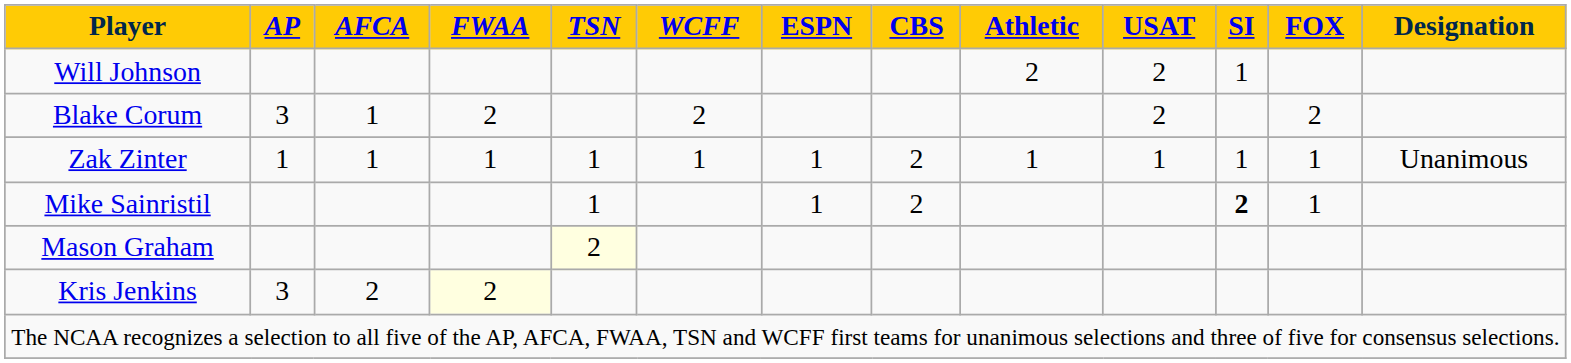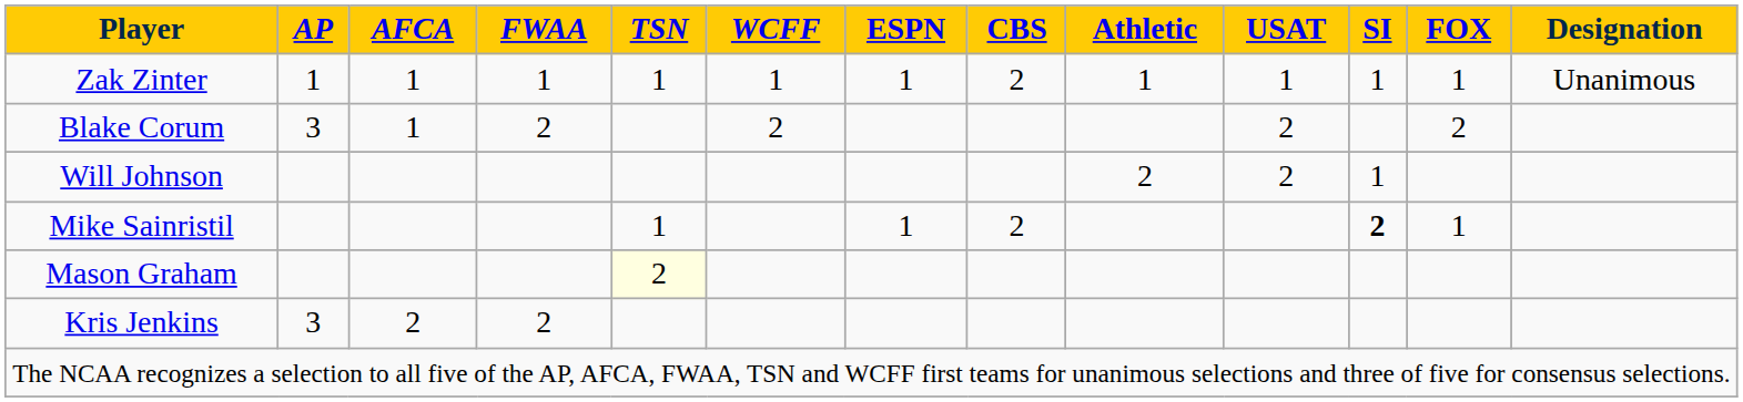 <table class="wikitable" style="text-align: center">
 <tr>
 <th style="background: #FFCB05; color: #00274C"><span>Player</span></th>
 <th style="background: #FFCB05; color: #00274C"><a href='#'><span><em>AP</em></span></a></th>
 <th style="background: #FFCB05; color: #00274C"><a href='#'><span><em>AFCA</em></span></a></th>
 <th style="background: #FFCB05; color: #00274C"><a href='#'><span><em>FWAA</em></span></a></th>
 <th style="background: #FFCB05; color: #00274C"><a href='#'><span><em>TSN</em></span></a></th>
 <th style="background: #FFCB05; color: #00274C"><a href='#'><span><em>WCFF</em></span></a></th>
 <th style="background: #FFCB05; color: #00274C"><a href='#'><span>ESPN</span></a></th>
 <th style="background: #FFCB05; color: #00274C"><a href='#'><span>CBS</span></a></th>
 <th style="background: #FFCB05; color: #00274C"><a href='#'><span>Athletic</span></a></th>
 <th style="background: #FFCB05; color: #00274C"><a href='#'><span>USAT</span></a></th>
 <th style="background: #FFCB05; color: #00274C"><a href='#'><span>SI</span></a></th>
 <th style="background: #FFCB05; color: #00274C"><a href='#'><span>FOX</span></a></th>
 <th style="background: #FFCB05; color: #00274C"><span>Designation</span></th>
 </tr>
 <tr align="center">
-<td><a href='#'>Will Johnson</a></td>
-<td></td>
-<td></td>
-<td></td>
-<td></td>
-<td></td>
-<td></td>
-<td></td>
-<td>2</td>
+<td><a href='#'>Zak Zinter</a></td>
+<td>1</td>
+<td>1</td>
+<td>1</td>
+<td>1</td>
+<td>1</td>
+<td>1</td>
 <td>2</td>
 <td>1</td>
-<td></td>
-<td></td>
+<td>1</td>
+<td>1</td>
+<td>1</td>
+<td>Unanimous</td>
 </tr>
 <tr align="center">
 <td><a href='#'>Blake Corum</a></td>
 <td>3</td>
 <td>1</td>
 <td>2</td>
 <td></td>
 <td>2</td>
 <td></td>
 <td></td>
 <td></td>
 <td>2</td>
 <td></td>
 <td>2</td>
 <td></td>
 </tr>
 <tr align="center">
-<td><a href='#'>Zak Zinter</a></td>
-<td>1</td>
-<td>1</td>
-<td>1</td>
-<td>1</td>
-<td>1</td>
-<td>1</td>
+<td><a href='#'>Will Johnson</a></td>
+<td></td>
+<td></td>
+<td></td>
+<td></td>
+<td></td>
+<td></td>
+<td></td>
+<td>2</td>
 <td>2</td>
 <td>1</td>
-<td>1</td>
-<td>1</td>
-<td>1</td>
-<td>Unanimous</td>
+<td></td>
+<td></td>
 </tr>
 <tr align="center">
 <td><a href='#'>Mike Sainristil</a></td>
 <td></td>
 <td></td>
 <td></td>
 <td>1</td>
 <td></td>
 <td>1</td>
 <td>2</td>
 <td></td>
 <td></td>
 <td><strong>2</strong></td>
 <td>1</td>
 <td></td>
 </tr>
 <tr align="center">
 <td><a href='#'>Mason Graham</a></td>
 <td></td>
 <td></td>
 <td></td>
 <td style="background: lightyellow;">2</td>
 <td></td>
 <td></td>
 <td></td>
 <td></td>
 <td></td>
 <td></td>
 <td></td>
 <td></td>
 </tr>
 <tr align="center">
 <td><a href='#'>Kris Jenkins</a></td>
 <td>3</td>
 <td>2</td>
-<td style="background: lightyellow;">2</td>
+<td>2</td>
 <td></td>
 <td></td>
 <td></td>
 <td></td>
 <td></td>
 <td></td>
 <td></td>
 <td></td>
 <td></td>
 </tr>
 <tr align="center">
 <td colspan=13><small>The NCAA recognizes a selection to all five of the AP, AFCA, FWAA, TSN and WCFF first teams for unanimous selections and three of five for consensus selections.</small></td>
 </tr>
 </table>
